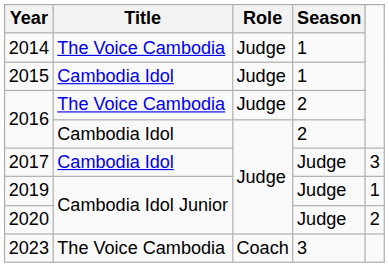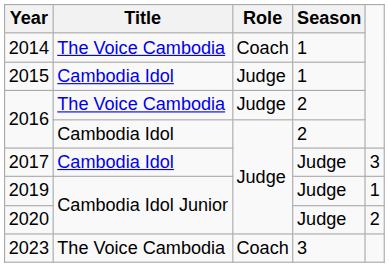 <table class="wikitable">
 <tr>
 <th>Year</th>
 <th>Title</th>
 <th>Role</th>
 <th>Season</th>
 </tr>
 <tr>
 <td>2014</td>
 <td><a href='#'>The Voice Cambodia</a></td>
-<td>Judge</td>
+<td>Coach</td>
 <td>1</td>
 </tr>
 <tr>
 <td>2015</td>
 <td><a href='#'>Cambodia Idol</a></td>
 <td>Judge</td>
 <td>1</td>
 </tr>
 <tr>
 <td rowspan="2">2016</td>
 <td><a href='#'>The Voice Cambodia</a></td>
 <td>Judge</td>
 <td>2</td>
 </tr>
 <tr>
 <td rowapan="2">Cambodia Idol</td>
 <td rowspan="4”">Judge</td>
 <td>2</td>
 </tr>
 <tr>
 <td>2017</td>
 <td><a href='#'>Cambodia Idol</a></td>
 <td>Judge</td>
 <td>3</td>
 </tr>
 <tr>
 <td>2019</td>
 <td rowspan="2">Cambodia Idol Junior</td>
 <td>Judge</td>
 <td>1</td>
 </tr>
 <tr>
 <td>2020</td>
 <td>Judge</td>
 <td>2</td>
 </tr>
 <tr>
 <td>2023</td>
 <td>The Voice Cambodia</td>
 <td>Coach</td>
 <td>3</td>
 </tr>
 </table>
